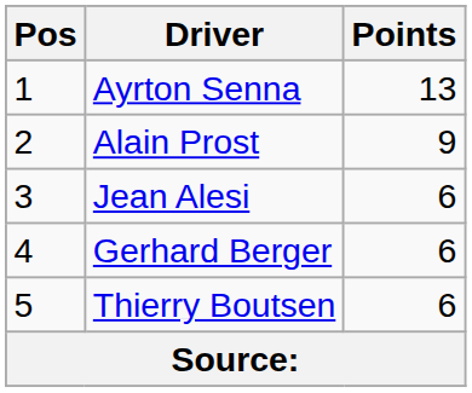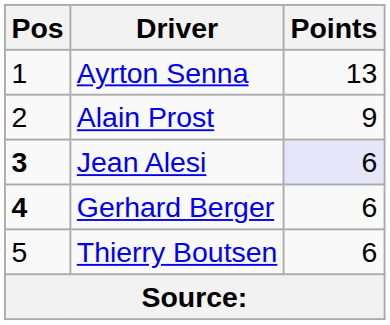 <table class="wikitable" style="font-size: 95%;">
 <tr>
 <th>Pos</th>
 <th>Driver</th>
 <th>Points</th>
 </tr>
 <tr>
 <td>1</td>
 <td> <a href='#'>Ayrton Senna</a></td>
 <td align="right">13</td>
 </tr>
 <tr>
 <td>2</td>
 <td> <a href='#'>Alain Prost</a></td>
 <td align="right">9</td>
 </tr>
 <tr>
-<td>3</td>
+<td><strong>3</strong></td>
 <td> <a href='#'>Jean Alesi</a></td>
-<td align="right">6</td>
+<td align="right" style="background: lavender;">6</td>
 </tr>
 <tr>
-<td>4</td>
+<td><strong>4</strong></td>
 <td> <a href='#'>Gerhard Berger</a></td>
 <td align="right">6</td>
 </tr>
 <tr>
 <td>5</td>
 <td> <a href='#'>Thierry Boutsen</a></td>
 <td align="right">6</td>
 </tr>
 <tr>
 <th colspan=4>Source: </th>
 </tr>
 </table>
